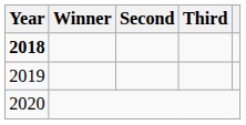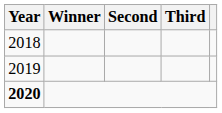 <table class="wikitable sortable">
 <tr>
 <th>Year</th>
 <th>Winner</th>
 <th>Second</th>
 <th>Third</th>
 <th class=unsortable></th>
 </tr>
 <tr>
-<td><strong>2018</strong></td>
+<td>2018</td>
 <td></td>
 <td></td>
 <td></td>
 <td></td>
 </tr>
 <tr>
 <td>2019</td>
 <td></td>
 <td></td>
 <td></td>
 <td></td>
 </tr>
 <tr>
-<td>2020</td>
+<td><strong>2020</strong></td>
 <td align="center" colspan="4;"></td>
 </tr>
 </table>
